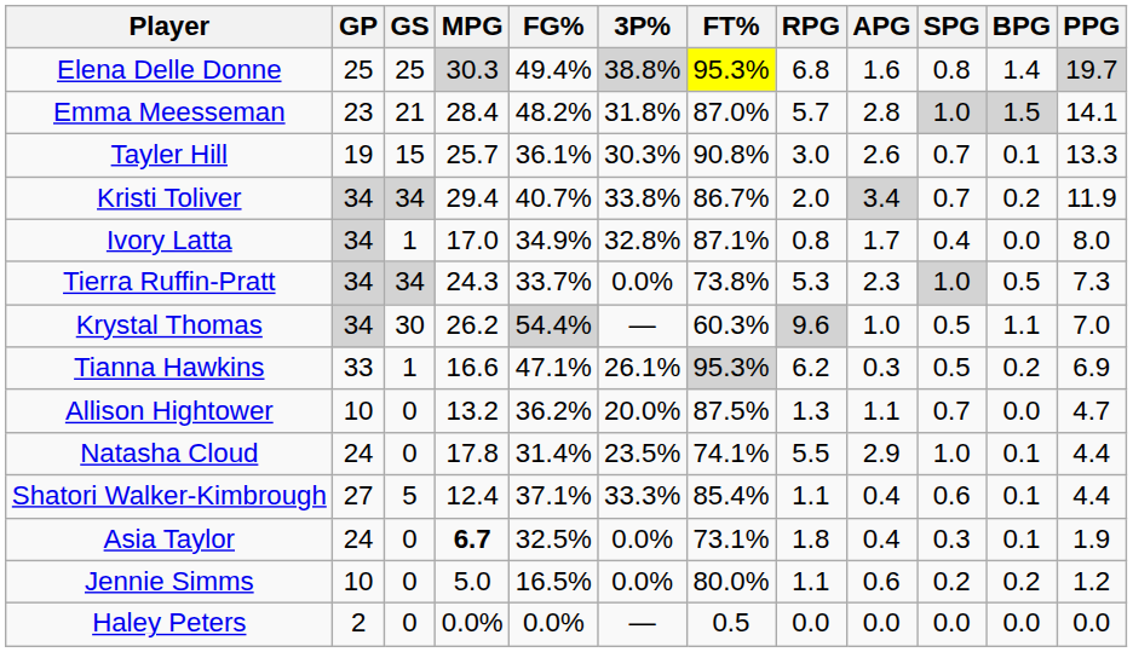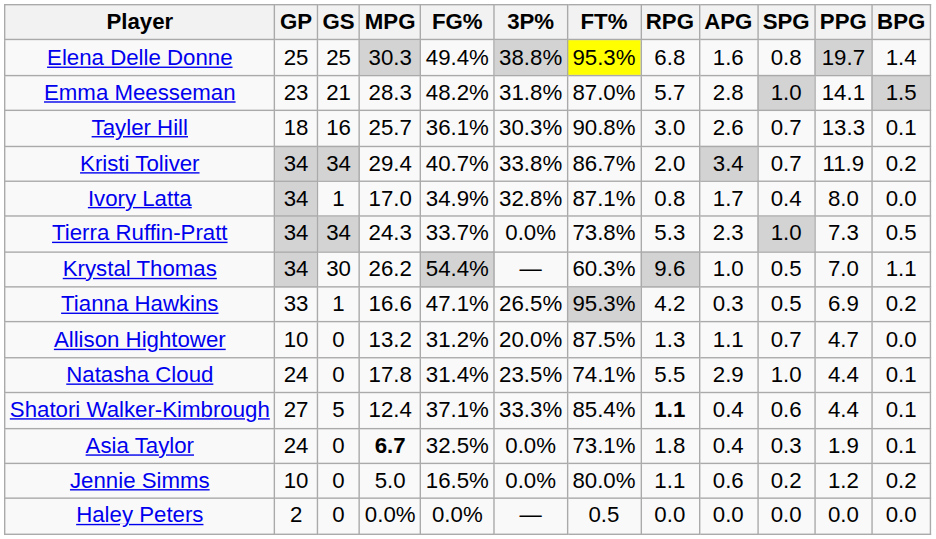 <table class="wikitable sortable" style="text-align:center;">
 <tr>
 <th>Player</th>
 <th>GP</th>
 <th>GS</th>
 <th>MPG</th>
 <th>FG%</th>
 <th>3P%</th>
 <th>FT%</th>
 <th>RPG</th>
 <th>APG</th>
 <th>SPG</th>
+<th>PPG</th>
 <th>BPG</th>
-<th>PPG</th>
 </tr>
 <tr>
 <td><a href='#'>Elena Delle Donne</a></td>
 <td>25</td>
 <td>25</td>
 <td style="background:#D3D3D3;">30.3</td>
 <td>49.4%</td>
 <td style="background:#D3D3D3;">38.8%</td>
 <td style="background:yellow">95.3%</td>
 <td>6.8</td>
 <td>1.6</td>
 <td>0.8</td>
+<td style="background:#D3D3D3;">19.7</td>
 <td>1.4</td>
-<td style="background:#D3D3D3;">19.7</td>
 </tr>
 <tr>
 <td><a href='#'>Emma Meesseman</a></td>
 <td>23</td>
 <td>21</td>
-<td>28.4</td>
+<td>28.3</td>
 <td>48.2%</td>
 <td>31.8%</td>
 <td>87.0%</td>
 <td>5.7</td>
 <td>2.8</td>
 <td style="background:#D3D3D3;">1.0</td>
+<td>14.1</td>
 <td style="background:#D3D3D3;">1.5</td>
-<td>14.1</td>
 </tr>
 <tr>
 <td><a href='#'>Tayler Hill</a></td>
-<td>19</td>
-<td>15</td>
+<td>18</td>
+<td>16</td>
 <td>25.7</td>
 <td>36.1%</td>
 <td>30.3%</td>
 <td>90.8%</td>
 <td>3.0</td>
 <td>2.6</td>
 <td>0.7</td>
+<td>13.3</td>
 <td>0.1</td>
-<td>13.3</td>
 </tr>
 <tr>
 <td><a href='#'>Kristi Toliver</a></td>
 <td style="background:#D3D3D3;">34</td>
 <td style="background:#D3D3D3;">34</td>
 <td>29.4</td>
 <td>40.7%</td>
 <td>33.8%</td>
 <td>86.7%</td>
 <td>2.0</td>
 <td style="background:#D3D3D3;">3.4</td>
 <td>0.7</td>
+<td>11.9</td>
 <td>0.2</td>
-<td>11.9</td>
 </tr>
 <tr>
 <td><a href='#'>Ivory Latta</a></td>
 <td style="background:#D3D3D3;">34</td>
 <td>1</td>
 <td>17.0</td>
 <td>34.9%</td>
 <td>32.8%</td>
 <td>87.1%</td>
 <td>0.8</td>
 <td>1.7</td>
 <td>0.4</td>
+<td>8.0</td>
 <td>0.0</td>
-<td>8.0</td>
 </tr>
 <tr>
 <td><a href='#'>Tierra Ruffin-Pratt</a></td>
 <td style="background:#D3D3D3;">34</td>
 <td style="background:#D3D3D3;">34</td>
 <td>24.3</td>
 <td>33.7%</td>
 <td>0.0%</td>
 <td>73.8%</td>
 <td>5.3</td>
 <td>2.3</td>
 <td style="background:#D3D3D3;">1.0</td>
+<td>7.3</td>
 <td>0.5</td>
-<td>7.3</td>
 </tr>
 <tr>
 <td><a href='#'>Krystal Thomas</a></td>
 <td style="background:#D3D3D3;">34</td>
 <td>30</td>
 <td>26.2</td>
 <td style="background:#D3D3D3;">54.4%</td>
 <td>—</td>
 <td>60.3%</td>
 <td style="background:#D3D3D3;">9.6</td>
 <td>1.0</td>
 <td>0.5</td>
+<td>7.0</td>
 <td>1.1</td>
-<td>7.0</td>
 </tr>
 <tr>
 <td><a href='#'>Tianna Hawkins</a></td>
 <td>33</td>
 <td>1</td>
 <td>16.6</td>
 <td>47.1%</td>
-<td>26.1%</td>
+<td>26.5%</td>
 <td style="background:#D3D3D3;">95.3%</td>
-<td>6.2</td>
+<td>4.2</td>
 <td>0.3</td>
 <td>0.5</td>
+<td>6.9</td>
 <td>0.2</td>
-<td>6.9</td>
 </tr>
 <tr>
 <td><a href='#'>Allison Hightower</a></td>
 <td>10</td>
 <td>0</td>
 <td>13.2</td>
-<td>36.2%</td>
+<td>31.2%</td>
 <td>20.0%</td>
 <td>87.5%</td>
 <td>1.3</td>
 <td>1.1</td>
 <td>0.7</td>
+<td>4.7</td>
 <td>0.0</td>
-<td>4.7</td>
 </tr>
 <tr>
 <td><a href='#'>Natasha Cloud</a></td>
 <td>24</td>
 <td>0</td>
 <td>17.8</td>
 <td>31.4%</td>
 <td>23.5%</td>
 <td>74.1%</td>
 <td>5.5</td>
 <td>2.9</td>
 <td>1.0</td>
+<td>4.4</td>
 <td>0.1</td>
-<td>4.4</td>
 </tr>
 <tr>
 <td><a href='#'>Shatori Walker-Kimbrough</a></td>
 <td>27</td>
 <td>5</td>
 <td>12.4</td>
 <td>37.1%</td>
 <td>33.3%</td>
 <td>85.4%</td>
-<td>1.1</td>
+<td><strong>1.1</strong></td>
 <td>0.4</td>
 <td>0.6</td>
+<td>4.4</td>
 <td>0.1</td>
-<td>4.4</td>
 </tr>
 <tr>
 <td><a href='#'>Asia Taylor</a></td>
 <td>24</td>
 <td>0</td>
 <td><strong>6.7</strong></td>
 <td>32.5%</td>
 <td>0.0%</td>
 <td>73.1%</td>
 <td>1.8</td>
 <td>0.4</td>
 <td>0.3</td>
+<td>1.9</td>
 <td>0.1</td>
-<td>1.9</td>
 </tr>
 <tr>
 <td><a href='#'>Jennie Simms</a></td>
 <td>10</td>
 <td>0</td>
 <td>5.0</td>
 <td>16.5%</td>
 <td>0.0%</td>
 <td>80.0%</td>
 <td>1.1</td>
 <td>0.6</td>
 <td>0.2</td>
+<td>1.2</td>
 <td>0.2</td>
-<td>1.2</td>
 </tr>
 <tr>
 <td><a href='#'>Haley Peters</a></td>
 <td>2</td>
 <td>0</td>
 <td>0.0%</td>
 <td>0.0%</td>
 <td>—</td>
 <td>0.5</td>
 <td>0.0</td>
 <td>0.0</td>
 <td>0.0</td>
 <td>0.0</td>
 <td>0.0</td>
 </tr>
 </table>
